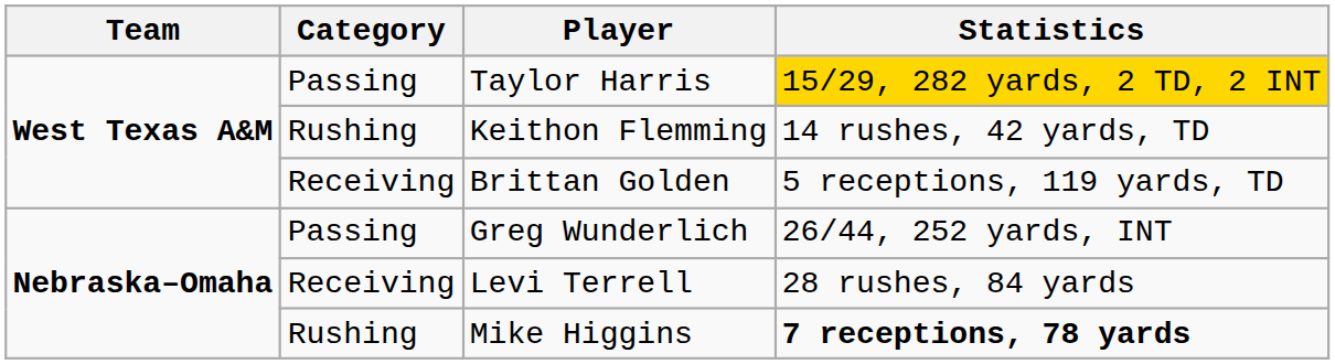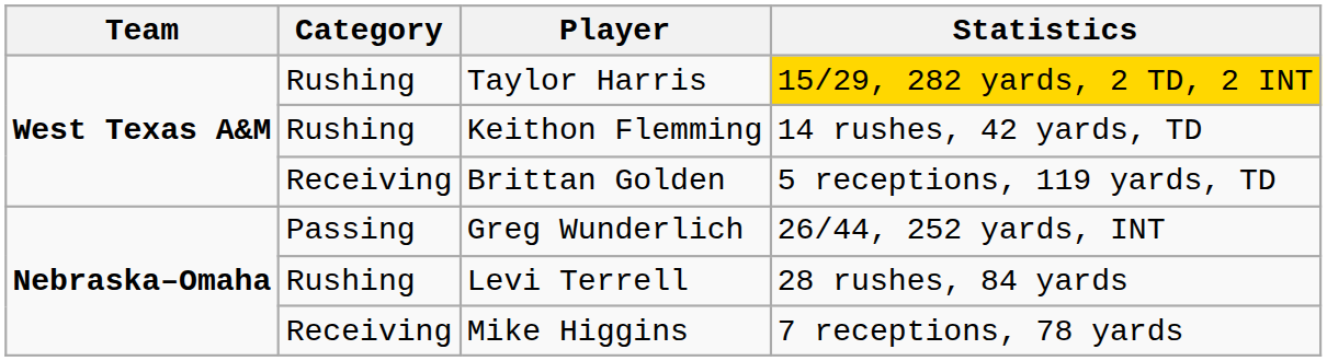 <table class="wikitable" style="float: right;">
 <tr>
 <th>Team</th>
 <th>Category</th>
 <th>Player</th>
 <th>Statistics</th>
 </tr>
 <tr>
 <td rowspan=3><strong>West Texas A&M</strong></td>
-<td>Passing</td>
+<td>Rushing</td>
 <td>Taylor Harris</td>
 <td style="background: gold;">15/29, 282 yards, 2 TD, 2 INT</td>
 </tr>
 <tr>
 <td>Rushing</td>
 <td>Keithon Flemming</td>
 <td>14 rushes, 42 yards, TD</td>
 </tr>
 <tr>
 <td>Receiving</td>
 <td>Brittan Golden</td>
 <td>5 receptions, 119 yards, TD</td>
 </tr>
 <tr>
 <td rowspan=3><strong>Nebraska–Omaha</strong></td>
 <td>Passing</td>
 <td>Greg Wunderlich</td>
 <td>26/44, 252 yards, INT</td>
 </tr>
 <tr>
-<td>Receiving</td>
+<td>Rushing</td>
 <td>Levi Terrell</td>
 <td>28 rushes, 84 yards</td>
 </tr>
 <tr>
-<td>Rushing</td>
+<td>Receiving</td>
 <td>Mike Higgins</td>
-<td><strong>7 receptions, 78 yards</strong></td>
+<td>7 receptions, 78 yards</td>
 </tr>
 </table>
